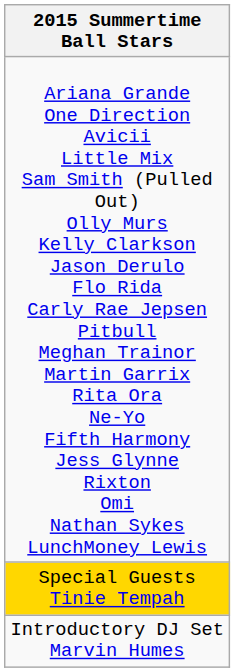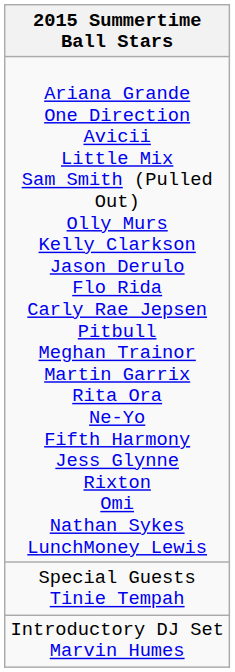 <table class="wikitable">
 <tr>
 <th>2015 Summertime Ball Stars</th>
 </tr>
 <tr>
 <td style="text-align:center; vertical-align:top; width:150px;"><br><a href='#'>Ariana Grande</a> <br><a href='#'>One Direction</a> <br><a href='#'>Avicii</a> <br><a href='#'>Little Mix</a> <br><a href='#'>Sam Smith</a> (Pulled Out) <br><a href='#'>Olly Murs</a> <br><a href='#'>Kelly Clarkson</a> <br><a href='#'>Jason Derulo</a> <br><a href='#'>Flo Rida</a> <br><a href='#'>Carly Rae Jepsen</a>  <br><a href='#'>Pitbull</a> <br><a href='#'>Meghan Trainor</a> <br><a href='#'>Martin Garrix</a> <br><a href='#'>Rita Ora</a> <br><a href='#'>Ne-Yo</a> <br><a href='#'>Fifth Harmony</a> <br><a href='#'>Jess Glynne</a> <br><a href='#'>Rixton</a> <br><a href='#'>Omi</a> <br><a href='#'>Nathan Sykes</a> <br><a href='#'>LunchMoney Lewis</a></td>
 </tr>
 <tr>
-<td style="background: gold; text-align:center; vertical-align:top; width:150px;">Special Guests<br><a href='#'>Tinie Tempah</a></td>
+<td style="text-align:center; vertical-align:top; width:150px;">Special Guests<br><a href='#'>Tinie Tempah</a></td>
 </tr>
 <tr>
 <td style="text-align:center; vertical-align:top; width:150px;">Introductory DJ Set<br><a href='#'>Marvin Humes</a></td>
 </tr>
 </table>
